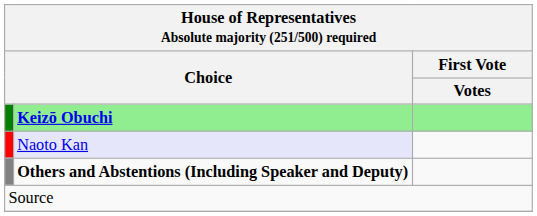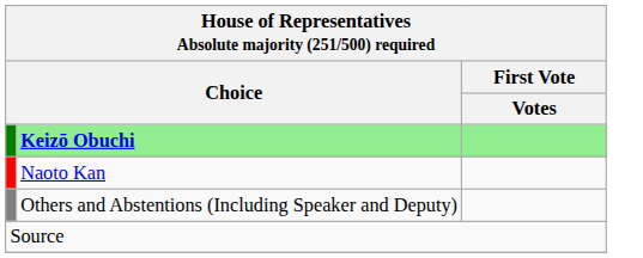 <table class="wikitable" style="font-size:90%;">
 <tr>
 <th colspan="4">House of Representatives <br><small>Absolute majority (251/500) required</small></th>
 </tr>
 <tr>
 <th align="left" rowspan="2" colspan="2" width="100">Choice</th>
 <th colspan="2">First Vote</th>
 </tr>
 <tr>
 <th width="100">Votes</th>
 </tr>
 <tr style="background:lightgreen;">
 <td width="1" bgcolor="green"></td>
 <td align="left"><strong><a href='#'>Keizō Obuchi</a></strong></td>
 <td></td>
 </tr>
 <tr>
 <td bgcolor="red"></td>
-<td align="left" style="background: lavender;"><a href='#'>Naoto Kan</a></td>
+<td align="left"><a href='#'>Naoto Kan</a></td>
 <td></td>
 </tr>
 <tr>
 <td bgcolor="gray"></td>
-<td align="left"><strong>Others and Abstentions (Including Speaker and Deputy)</strong></td>
+<td align="left">Others and Abstentions (Including Speaker and Deputy)</td>
 <td></td>
 </tr>
 <tr>
 <td colspan=3>Source </td>
 </tr>
 <tr>
 </tr>
 </table>
